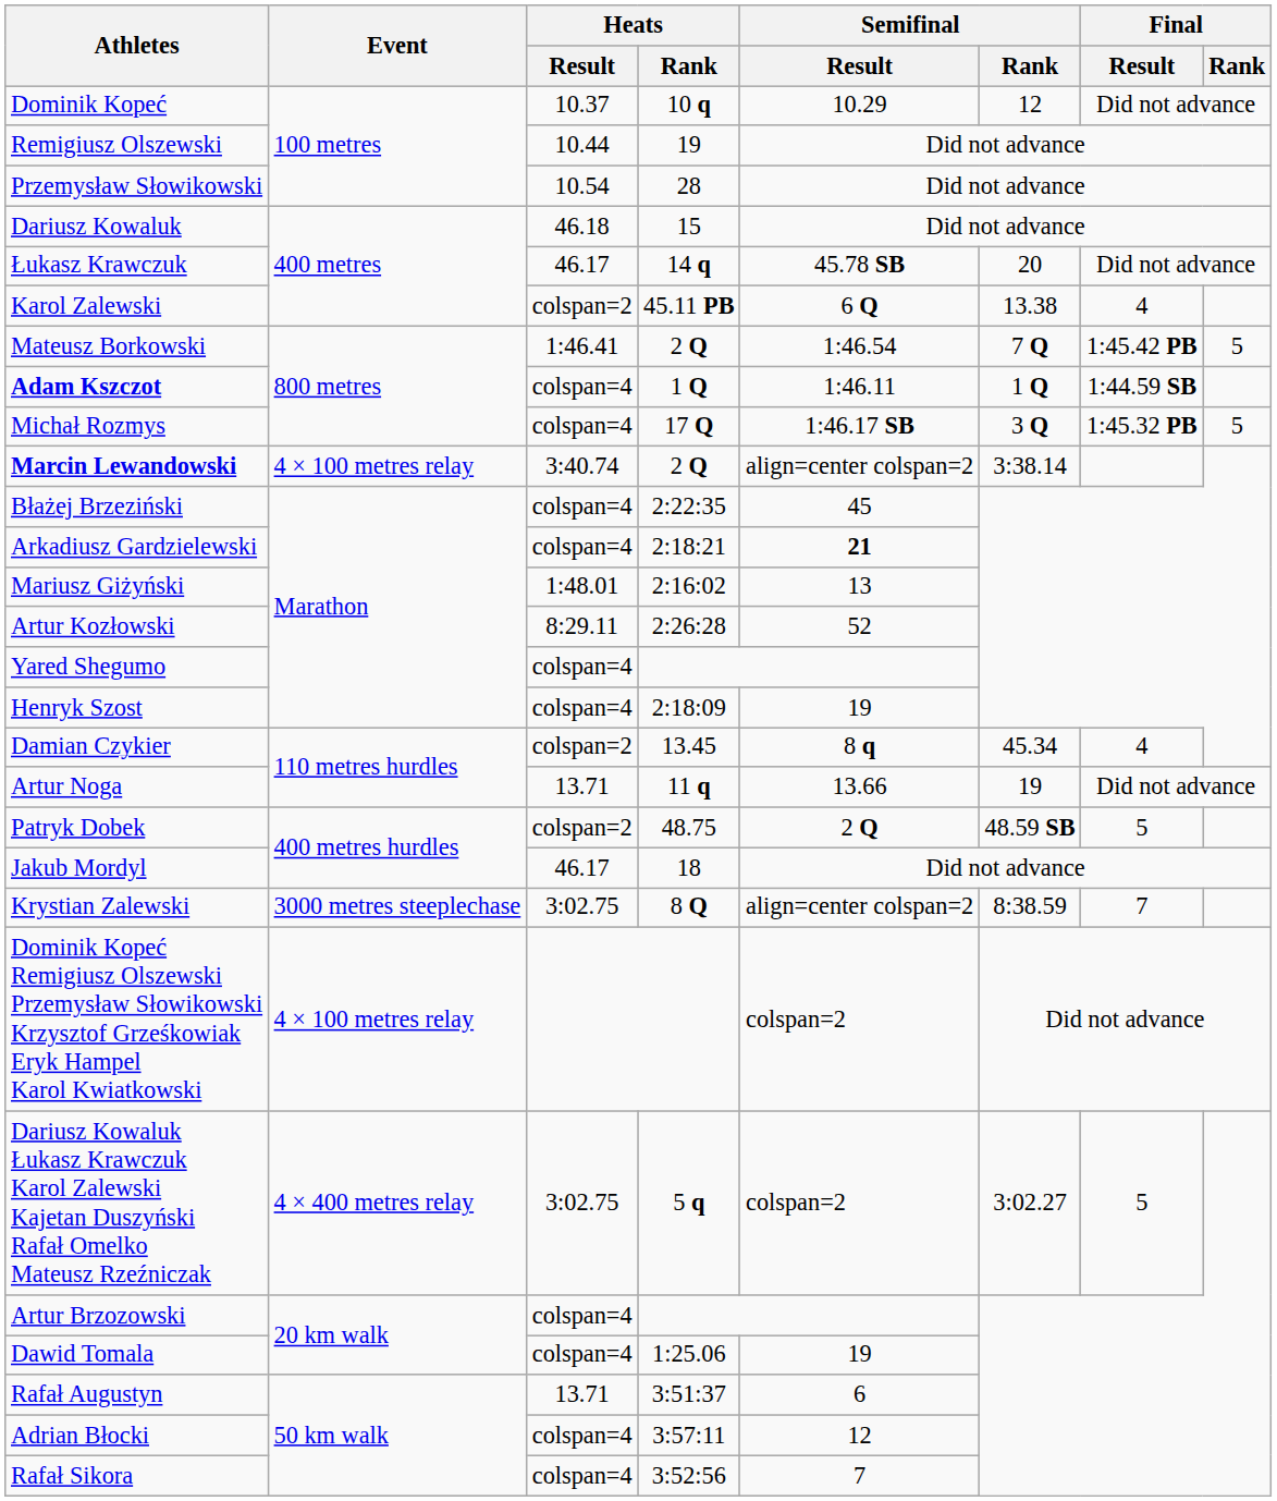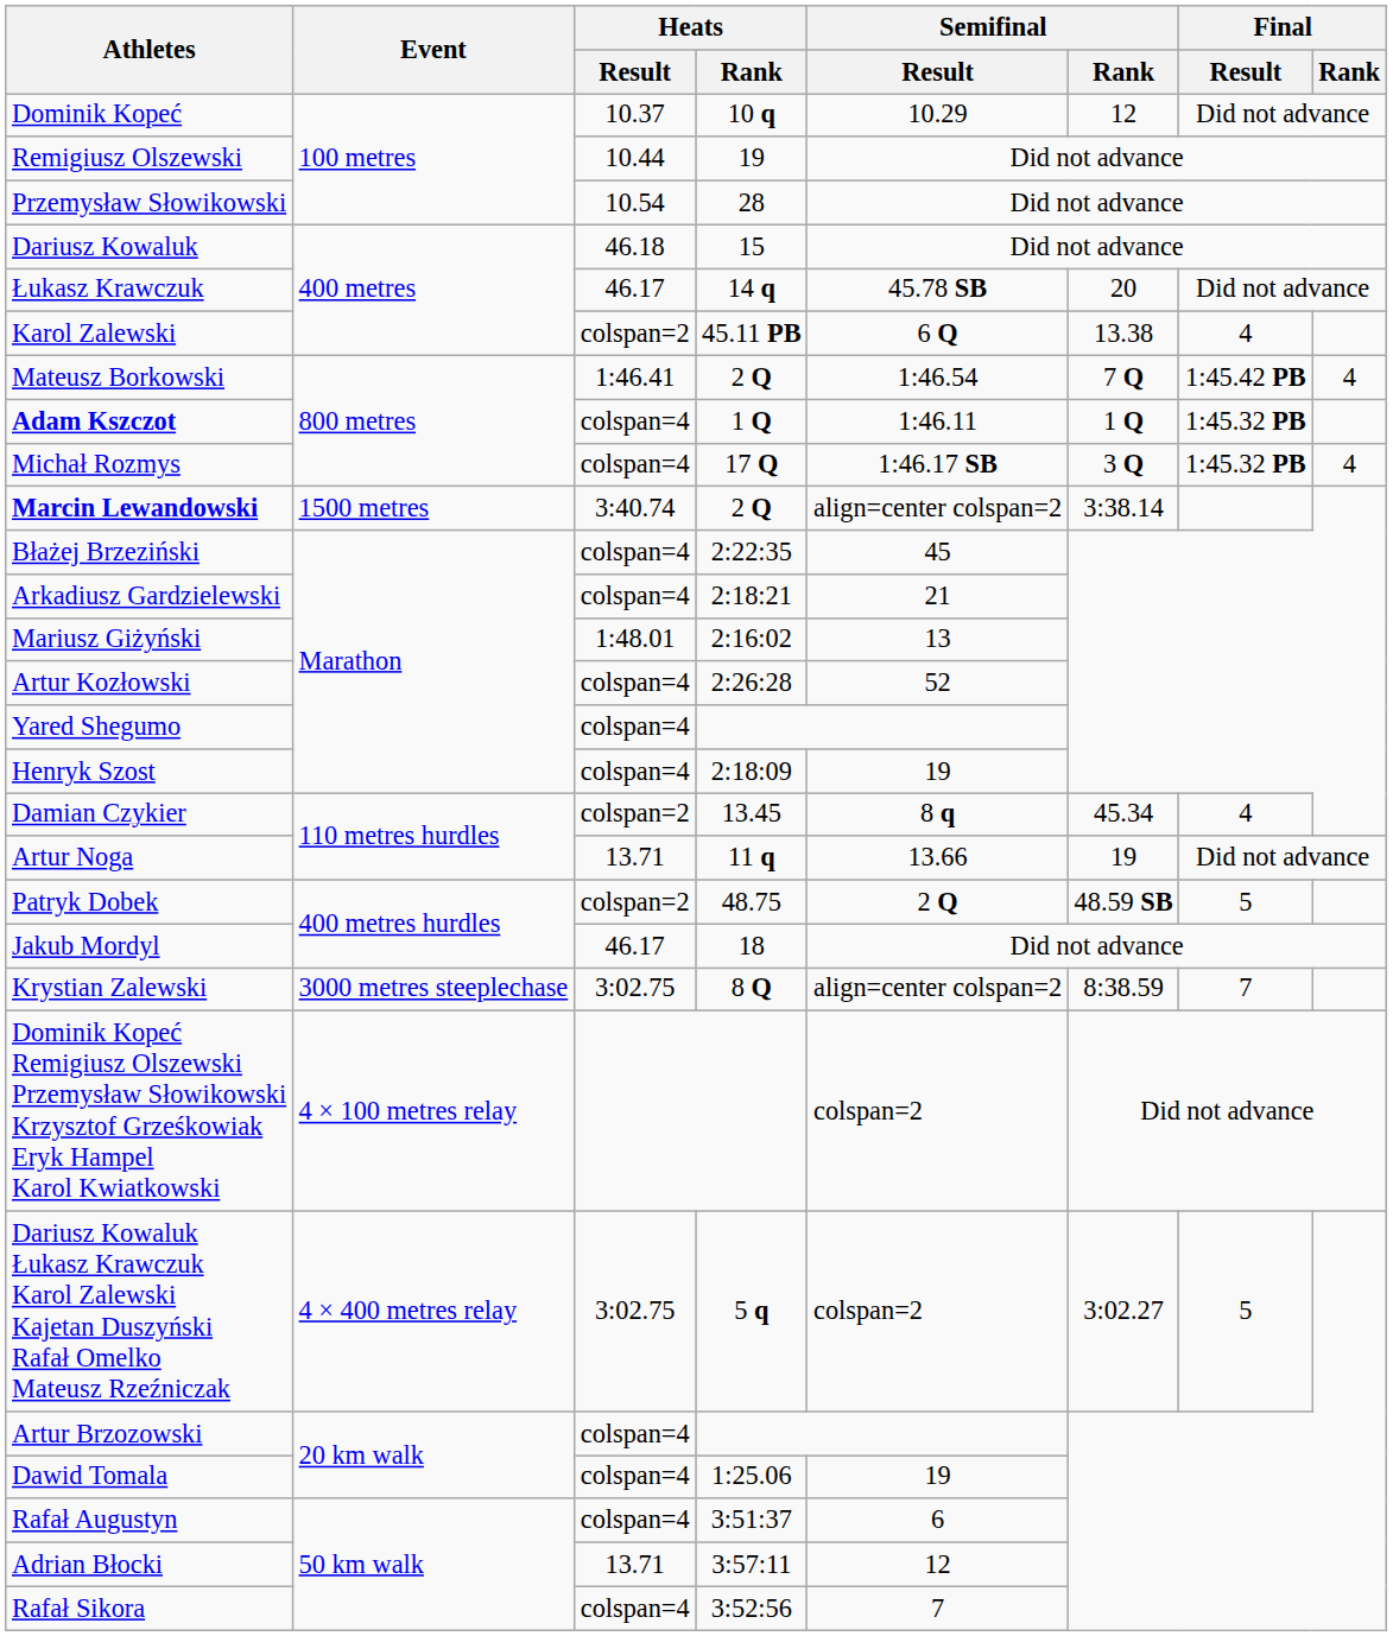 <table class="wikitable" border="1" style="font-size:90%">
 <tr>
 <th rowspan="2">Athletes</th>
 <th rowspan="2">Event</th>
 <th colspan="2">Heats</th>
 <th colspan="2">Semifinal</th>
 <th colspan="2">Final</th>
 </tr>
 <tr>
 <th>Result</th>
 <th>Rank</th>
 <th>Result</th>
 <th>Rank</th>
 <th>Result</th>
 <th>Rank</th>
 </tr>
 <tr>
 <td><a href='#'>Dominik Kopeć</a></td>
 <td rowspan=3><a href='#'>100 metres</a></td>
 <td align=center>10.37</td>
 <td align=center>10 <strong>q</strong></td>
 <td align=center>10.29</td>
 <td align=center>12</td>
 <td align=center colspan=2>Did not advance</td>
 </tr>
 <tr>
 <td><a href='#'>Remigiusz Olszewski</a></td>
 <td align=center>10.44</td>
 <td align=center>19</td>
 <td align=center colspan=4>Did not advance</td>
 </tr>
 <tr>
 <td><a href='#'>Przemysław Słowikowski</a></td>
 <td align=center>10.54</td>
 <td align=center>28</td>
 <td align=center colspan=4>Did not advance</td>
 </tr>
 <tr>
 <td><a href='#'>Dariusz Kowaluk</a></td>
 <td rowspan=3><a href='#'>400 metres</a></td>
 <td align=center>46.18</td>
 <td align=center>15</td>
 <td align=center colspan=4>Did not advance</td>
 </tr>
 <tr>
 <td><a href='#'>Łukasz Krawczuk</a></td>
 <td align=center>46.17</td>
 <td align=center>14 <strong>q</strong></td>
 <td align=center>45.78 <strong>SB</strong></td>
 <td align=center>20</td>
 <td align=center colspan=2>Did not advance</td>
 </tr>
 <tr>
 <td><a href='#'>Karol Zalewski</a></td>
 <td>colspan=2 </td>
 <td align=center>45.11 <strong>PB</strong></td>
 <td align=center>6 <strong>Q</strong></td>
 <td align=center>13.38</td>
 <td align=center>4</td>
 </tr>
 <tr>
 <td><a href='#'>Mateusz Borkowski</a></td>
 <td rowspan=3><a href='#'>800 metres</a></td>
 <td align=center>1:46.41</td>
 <td align=center>2 <strong>Q</strong></td>
 <td align=center>1:46.54</td>
 <td align=center>7 <strong>Q</strong></td>
 <td align=center>1:45.42 <strong>PB</strong></td>
-<td align=center>5</td>
+<td align=center>4</td>
 </tr>
 <tr>
 <td><strong><a href='#'>Adam Kszczot</a></strong></td>
 <td>colspan=4 </td>
 <td align=center>1 <strong>Q</strong></td>
 <td align=center>1:46.11</td>
 <td align=center>1 <strong>Q</strong></td>
-<td align=center>1:44.59 <strong>SB</strong></td>
+<td align=center>1:45.32 <strong>PB</strong></td>
 <td align=center></td>
 </tr>
 <tr>
 <td><a href='#'>Michał Rozmys</a></td>
 <td>colspan=4 </td>
 <td align=center>17 <strong>Q</strong></td>
 <td align=center>1:46.17 <strong>SB</strong></td>
 <td align=center>3 <strong>Q</strong></td>
 <td align=center>1:45.32 <strong>PB</strong></td>
-<td align=center>5</td>
+<td align=center>4</td>
 </tr>
 <tr>
 <td><strong><a href='#'>Marcin Lewandowski</a></strong></td>
-<td><a href='#'>4 × 100 metres relay</a></td>
+<td><a href='#'>1500 metres</a></td>
 <td align=center>3:40.74</td>
 <td align=center>2 <strong>Q</strong></td>
 <td>align=center colspan=2 </td>
 <td align=center>3:38.14</td>
 <td align=center></td>
 </tr>
 <tr>
 <td><a href='#'>Błażej Brzeziński</a></td>
 <td rowspan=6><a href='#'>Marathon</a></td>
 <td>colspan=4 </td>
 <td align=center>2:22:35</td>
 <td align=center>45</td>
 </tr>
 <tr>
 <td><a href='#'>Arkadiusz Gardzielewski</a></td>
 <td>colspan=4 </td>
 <td align=center>2:18:21</td>
-<td align=center><strong>21</strong></td>
+<td align=center>21</td>
 </tr>
 <tr>
 <td><a href='#'>Mariusz Giżyński</a></td>
 <td align=center>1:48.01</td>
 <td align=center>2:16:02</td>
 <td align=center>13</td>
 </tr>
 <tr>
 <td><a href='#'>Artur Kozłowski</a></td>
-<td align=center>8:29.11</td>
+<td>colspan=4 </td>
 <td align=center>2:26:28</td>
 <td align=center>52</td>
 </tr>
 <tr>
 <td><a href='#'>Yared Shegumo</a></td>
 <td>colspan=4 </td>
 <td align=center colspan=2></td>
 </tr>
 <tr>
 <td><a href='#'>Henryk Szost</a></td>
 <td>colspan=4 </td>
 <td align=center>2:18:09</td>
 <td align=center>19</td>
 </tr>
 <tr>
 <td><a href='#'>Damian Czykier</a></td>
 <td rowspan=2><a href='#'>110 metres hurdles</a></td>
 <td>colspan=2 </td>
 <td align=center>13.45</td>
 <td align=center>8 <strong>q</strong></td>
 <td align=center>45.34</td>
 <td align=center>4</td>
 </tr>
 <tr>
 <td><a href='#'>Artur Noga</a></td>
 <td align=center>13.71</td>
 <td align=center>11 <strong>q</strong></td>
 <td align=center>13.66</td>
 <td align=center>19</td>
 <td align=center colspan=2>Did not advance</td>
 </tr>
 <tr>
 <td><a href='#'>Patryk Dobek</a></td>
 <td rowspan=2><a href='#'>400 metres hurdles</a></td>
 <td>colspan=2</td>
 <td align=center>48.75</td>
 <td align=center>2 <strong>Q</strong></td>
 <td align=center>48.59 <strong>SB</strong></td>
 <td align=center>5</td>
 </tr>
 <tr>
 <td><a href='#'>Jakub Mordyl</a></td>
 <td align=center>46.17</td>
 <td align=center>18</td>
 <td align=center colspan=4>Did not advance</td>
 </tr>
 <tr>
 <td><a href='#'>Krystian Zalewski</a></td>
 <td><a href='#'>3000 metres steeplechase</a></td>
 <td align=center>3:02.75</td>
 <td align=center>8 <strong>Q</strong></td>
 <td>align=center colspan=2 </td>
 <td align=center>8:38.59</td>
 <td align=center>7</td>
 </tr>
 <tr>
 <td><a href='#'>Dominik Kopeć</a><br><a href='#'>Remigiusz Olszewski</a><br><a href='#'>Przemysław Słowikowski</a><br><a href='#'>Krzysztof Grześkowiak</a><br><a href='#'>Eryk Hampel</a><br><a href='#'>Karol Kwiatkowski</a></td>
 <td><a href='#'>4 × 100 metres relay</a></td>
 <td align=center colspan=2></td>
 <td>colspan=2 </td>
 <td align=center colspan=4>Did not advance</td>
 </tr>
 <tr>
 <td><a href='#'>Dariusz Kowaluk</a><br><a href='#'>Łukasz Krawczuk</a><br><a href='#'>Karol Zalewski</a><br><a href='#'>Kajetan Duszyński</a><br><a href='#'>Rafał Omelko</a><br><a href='#'>Mateusz Rzeźniczak</a></td>
 <td><a href='#'>4 × 400 metres relay</a></td>
 <td align=center>3:02.75</td>
 <td align=center>5 <strong>q</strong></td>
 <td>colspan=2 </td>
 <td align=center>3:02.27</td>
 <td align=center>5</td>
 </tr>
 <tr>
 <td><a href='#'>Artur Brzozowski</a></td>
 <td rowspan=2><a href='#'>20 km walk</a></td>
 <td>colspan=4 </td>
 <td align=center colspan=2></td>
 </tr>
 <tr>
 <td><a href='#'>Dawid Tomala</a></td>
 <td>colspan=4 </td>
 <td align=center>1:25.06</td>
 <td align=center>19</td>
 </tr>
 <tr>
 <td><a href='#'>Rafał Augustyn</a></td>
 <td rowspan=3><a href='#'>50 km walk</a></td>
-<td align=center>13.71</td>
+<td>colspan=4 </td>
 <td align=center>3:51:37</td>
 <td align=center>6</td>
 </tr>
 <tr>
 <td><a href='#'>Adrian Błocki</a></td>
-<td>colspan=4 </td>
+<td align=center>13.71</td>
 <td align=center>3:57:11</td>
 <td align=center>12</td>
 </tr>
 <tr>
 <td><a href='#'>Rafał Sikora</a></td>
 <td>colspan=4 </td>
 <td align=center>3:52:56</td>
 <td align=center>7</td>
 </tr>
 <tr>
 </tr>
 </table>
